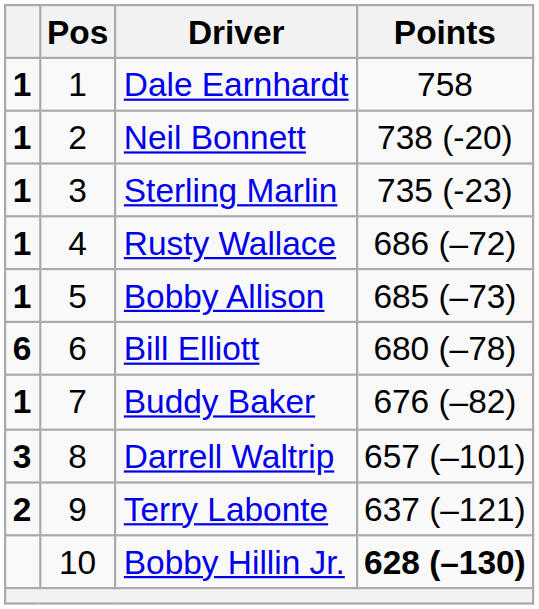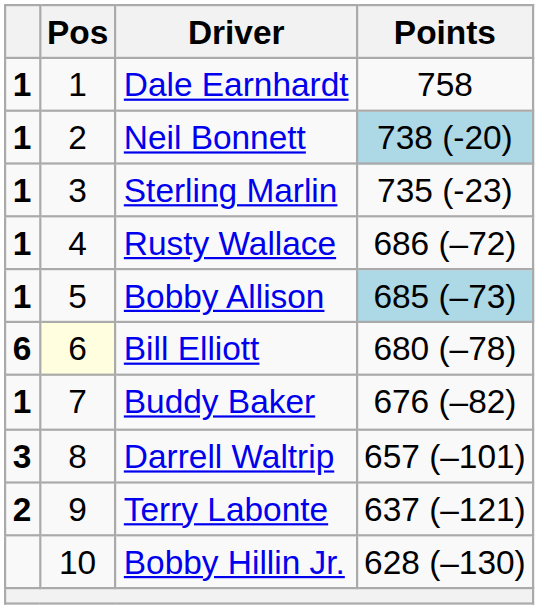 <table class="wikitable" style="font-size: 95%;">
 <tr>
 <th></th>
 <th>Pos</th>
 <th>Driver</th>
 <th>Points</th>
 </tr>
 <tr>
 <td align="left">  <strong>1</strong></td>
 <td style="text-align:center;">1</td>
 <td><a href='#'>Dale Earnhardt</a></td>
 <td style="text-align:center;">758</td>
 </tr>
 <tr>
 <td align="left">  <strong>1</strong></td>
 <td style="text-align:center;">2</td>
 <td><a href='#'>Neil Bonnett</a></td>
-<td style="text-align:center;">738 (-20)</td>
+<td style="background: lightblue; text-align:center;">738 (-20)</td>
 </tr>
 <tr>
 <td align="left">  <strong>1</strong></td>
 <td style="text-align:center;">3</td>
 <td><a href='#'>Sterling Marlin</a></td>
 <td style="text-align:center;">735 (-23)</td>
 </tr>
 <tr>
 <td align="left">  <strong>1</strong></td>
 <td style="text-align:center;">4</td>
 <td><a href='#'>Rusty Wallace</a></td>
 <td style="text-align:center;">686 (–72)</td>
 </tr>
 <tr>
 <td align="left">  <strong>1</strong></td>
 <td style="text-align:center;">5</td>
 <td><a href='#'>Bobby Allison</a></td>
-<td style="text-align:center;">685 (–73)</td>
+<td style="background: lightblue; text-align:center;">685 (–73)</td>
 </tr>
 <tr>
 <td align="left">  <strong>6</strong></td>
-<td style="text-align:center;">6</td>
+<td style="background: lightyellow; text-align:center;">6</td>
 <td><a href='#'>Bill Elliott</a></td>
 <td style="text-align:center;">680 (–78)</td>
 </tr>
 <tr>
 <td align="left">  <strong>1</strong></td>
 <td style="text-align:center;">7</td>
 <td><a href='#'>Buddy Baker</a></td>
 <td style="text-align:center;">676 (–82)</td>
 </tr>
 <tr>
 <td align="left">  <strong>3</strong></td>
 <td style="text-align:center;">8</td>
 <td><a href='#'>Darrell Waltrip</a></td>
 <td style="text-align:center;">657 (–101)</td>
 </tr>
 <tr>
 <td align="left">  <strong>2</strong></td>
 <td style="text-align:center;">9</td>
 <td><a href='#'>Terry Labonte</a></td>
 <td style="text-align:center;">637 (–121)</td>
 </tr>
 <tr>
 <td align="left"></td>
 <td style="text-align:center;">10</td>
 <td><a href='#'>Bobby Hillin Jr.</a></td>
-<td style="text-align:center;"><strong>628 (–130)</strong></td>
+<td style="text-align:center;">628 (–130)</td>
 </tr>
 <tr class="sortbottom">
 <th colspan="9"></th>
 </tr>
 </table>
